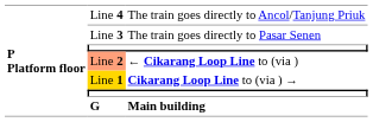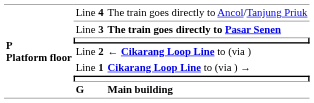 <table cellspacing=0 cellpadding=3>
 <tr>
 <td rowspan="7" style="border-top:solid 1px gray;border-bottom:solid 1px gray;"><strong>P<br>Platform floor</strong></td>
 <td style="border-top:solid 1px gray;">Line <strong>4</strong></td>
 <td style="border-top:solid 1px gray;">The train goes directly to <a href='#'>Ancol</a>/<a href='#'>Tanjung Priuk</a></td>
 </tr>
 <tr>
 <td style="border-top:solid 1px gray;">Line <strong>3</strong></td>
-<td style="border-top:solid 1px gray;">The train goes directly to <a href='#'>Pasar Senen</a></td>
+<td style="border-top:solid 1px gray;"><strong>The train goes directly to <a href='#'>Pasar Senen</a></strong></td>
 </tr>
 <tr>
 <td colspan="2" style="border-top:solid 1px gray;border-right:solid 2px black;border-left:solid 2px black;border-bottom:solid 2px black;text-align:center;"></td>
 </tr>
 <tr>
-<td style="background: lightsalmon;">Line <strong>2</strong></td>
+<td>Line <strong>2</strong></td>
 <td>←   <strong><a href='#'>Cikarang Loop Line</a></strong> to  (via )</td>
 </tr>
 <tr>
-<td style="background: gold;">Line <strong>1</strong></td>
+<td>Line <strong>1</strong></td>
 <td> <strong><a href='#'>Cikarang Loop Line</a></strong> to  (via )  →</td>
 </tr>
 <tr>
 <td style="border-top:solid 2px black;border-right:solid 2px black;border-left:solid 2px black;border-bottom:solid 1px gray;text-align:center;" colspan=2></td>
 </tr>
 <tr>
 <td style="border-bottom:solid 1px gray;"><strong>G</strong></td>
 <td style="border-bottom:solid 1px gray;"><strong>Main building</strong></td>
 </tr>
 </table>
